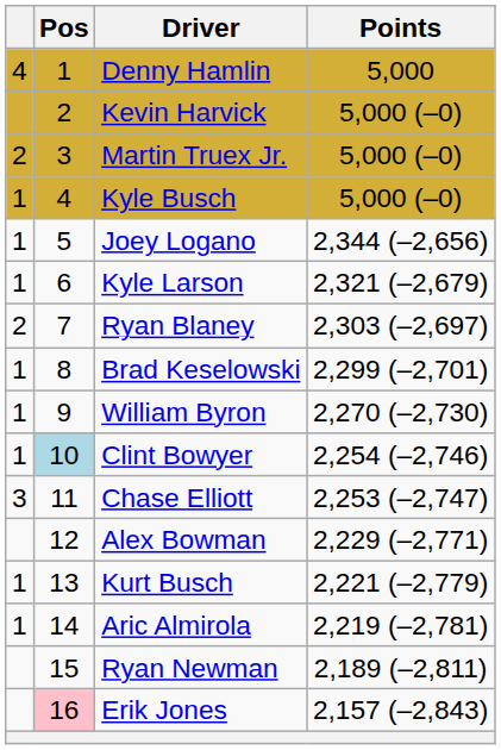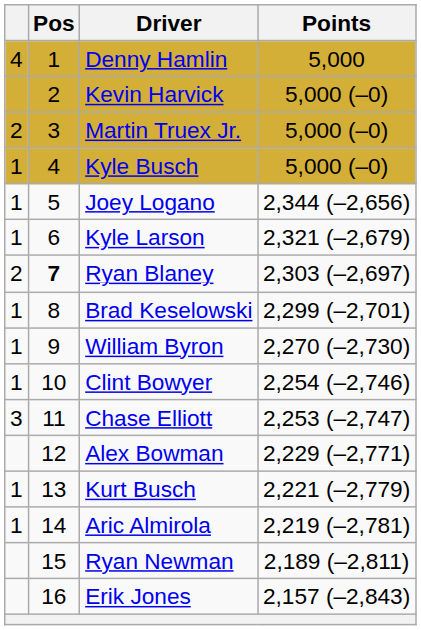 <table class="wikitable" style="font-size: 95%">
 <tr>
 <th></th>
 <th>Pos</th>
 <th>Driver</th>
 <th>Points</th>
 </tr>
 <tr style="background:#D4AF37;">
 <td align="left"> 4</td>
 <td style="text-align:center;">1</td>
 <td><a href='#'>Denny Hamlin</a></td>
 <td style="text-align:center;">5,000</td>
 </tr>
 <tr style="background:#D4AF37;">
 <td align="left"></td>
 <td style="text-align:center;">2</td>
 <td><a href='#'>Kevin Harvick</a></td>
 <td style="text-align:center;">5,000 (–0)</td>
 </tr>
 <tr style="background:#D4AF37;">
 <td align="left"> 2</td>
 <td style="text-align:center;">3</td>
 <td><a href='#'>Martin Truex Jr.</a></td>
 <td style="text-align:center;">5,000 (–0)</td>
 </tr>
 <tr style="background:#D4AF37;">
 <td align="left"> 1</td>
 <td style="text-align:center;">4</td>
 <td><a href='#'>Kyle Busch</a></td>
 <td style="text-align:center;">5,000 (–0)</td>
 </tr>
 <tr>
 <td align="left"> 1</td>
 <td style="text-align:center;">5</td>
 <td><a href='#'>Joey Logano</a></td>
 <td style="text-align:center;">2,344 (–2,656)</td>
 </tr>
 <tr>
 <td align="left"> 1</td>
 <td style="text-align:center;">6</td>
 <td><a href='#'>Kyle Larson</a></td>
 <td style="text-align:center;">2,321 (–2,679)</td>
 </tr>
 <tr>
 <td align="left"> 2</td>
-<td style="text-align:center;">7</td>
+<td style="text-align:center;"><strong>7</strong></td>
 <td><a href='#'>Ryan Blaney</a></td>
 <td style="text-align:center;">2,303 (–2,697)</td>
 </tr>
 <tr>
 <td align="left"> 1</td>
 <td style="text-align:center;">8</td>
 <td><a href='#'>Brad Keselowski</a></td>
 <td style="text-align:center;">2,299 (–2,701)</td>
 </tr>
 <tr>
 <td align="left"> 1</td>
 <td style="text-align:center;">9</td>
 <td><a href='#'>William Byron</a></td>
 <td style="text-align:center;">2,270 (–2,730)</td>
 </tr>
 <tr>
 <td align="left"> 1</td>
-<td style="background: lightblue; text-align:center;">10</td>
+<td style="text-align:center;">10</td>
 <td><a href='#'>Clint Bowyer</a></td>
 <td style="text-align:center;">2,254 (–2,746)</td>
 </tr>
 <tr>
 <td align="left"> 3</td>
 <td style="text-align:center;">11</td>
 <td><a href='#'>Chase Elliott</a></td>
 <td style="text-align:center;">2,253 (–2,747)</td>
 </tr>
 <tr>
 <td align="left"></td>
 <td style="text-align:center;">12</td>
 <td><a href='#'>Alex Bowman</a></td>
 <td style="text-align:center;">2,229 (–2,771)</td>
 </tr>
 <tr>
 <td align="left"> 1</td>
 <td style="text-align:center;">13</td>
 <td><a href='#'>Kurt Busch</a></td>
 <td style="text-align:center;">2,221 (–2,779)</td>
 </tr>
 <tr>
 <td align="left"> 1</td>
 <td style="text-align:center;">14</td>
 <td><a href='#'>Aric Almirola</a></td>
 <td style="text-align:center;">2,219 (–2,781)</td>
 </tr>
 <tr>
 <td align="left"></td>
 <td style="text-align:center;">15</td>
 <td><a href='#'>Ryan Newman</a></td>
 <td style="text-align:center;">2,189 (–2,811)</td>
 </tr>
 <tr>
 <td align="left"></td>
-<td style="background: pink; text-align:center;">16</td>
+<td style="text-align:center;">16</td>
 <td><a href='#'>Erik Jones</a></td>
 <td style="text-align:center;">2,157 (–2,843)</td>
 </tr>
 <tr class="sortbottom">
 <th colspan="9"></th>
 </tr>
 </table>
